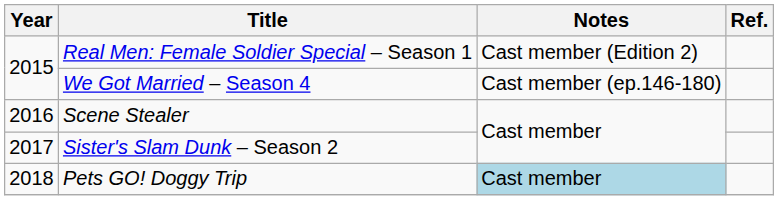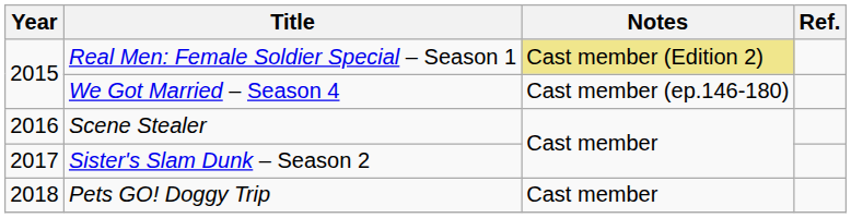 <table class="wikitable sortable">
 <tr>
 <th>Year</th>
 <th>Title</th>
 <th>Notes</th>
 <th>Ref.</th>
 </tr>
 <tr>
 <td rowspan="2">2015</td>
 <td><em><a href='#'>Real Men: Female Soldier Special</a></em> – Season 1</td>
-<td>Cast member (Edition 2)</td>
+<td style="background: khaki;">Cast member (Edition 2)</td>
 <td></td>
 </tr>
 <tr>
 <td><em><a href='#'>We Got Married</a></em> – <a href='#'>Season 4</a></td>
 <td>Cast member  (ep.146-180)</td>
 <td></td>
 </tr>
 <tr>
 <td>2016</td>
 <td><em>Scene Stealer</em></td>
 <td rowspan="2">Cast member</td>
 <td></td>
 </tr>
 <tr>
 <td>2017</td>
 <td><em><a href='#'>Sister's Slam Dunk</a></em> – Season 2</td>
 <td></td>
 </tr>
 <tr>
 <td>2018</td>
 <td><em>Pets GO! Doggy Trip</em></td>
-<td style="background: lightblue;">Cast member</td>
+<td>Cast member</td>
 <td></td>
 </tr>
 <tr>
 </tr>
 </table>
